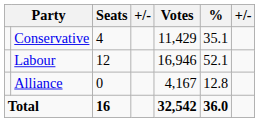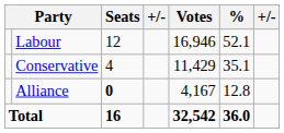 <table class="wikitable sortable">
 <tr>
 <th colspan="2">Party</th>
 <th>Seats</th>
 <th>+/-</th>
 <th>Votes</th>
 <th>%</th>
 <th>+/-</th>
+</tr>
+<tr>
+<td style="background-color: "></td>
+<td><a href='#'>Labour</a></td>
+<td>12</td>
+<td></td>
+<td style="text-align:right;">16,946</td>
+<td style="text-align:right;">52.1</td>
+<td style="text-align:right;"></td>
 </tr>
 <tr>
 <td style="background-color: "></td>
 <td><a href='#'>Conservative</a></td>
 <td>4</td>
 <td></td>
 <td style="text-align:right;">11,429</td>
 <td style="text-align:right;">35.1</td>
 <td style="text-align:right;"></td>
 </tr>
 <tr>
 <td style="background-color: "></td>
-<td><a href='#'>Labour</a></td>
-<td>12</td>
-<td></td>
-<td style="text-align:right;">16,946</td>
-<td style="text-align:right;">52.1</td>
-<td style="text-align:right;"></td>
-</tr>
-<tr>
-<td style="background-color: "></td>
 <td><a href='#'>Alliance</a></td>
-<td>0</td>
+<td><strong>0</strong></td>
 <td></td>
 <td style="text-align:right;">4,167</td>
 <td style="text-align:right;">12.8</td>
 <td style="text-align:right;"></td>
 </tr>
 <tr>
 <td colspan="2"><strong>Total</strong></td>
 <td><strong>16</strong></td>
 <td></td>
 <td style="text-align:right;"><strong>32,542</strong></td>
 <td style="text-align:right;"><strong>36.0</strong></td>
 <td style="text-align:right;"></td>
 </tr>
 </table>
